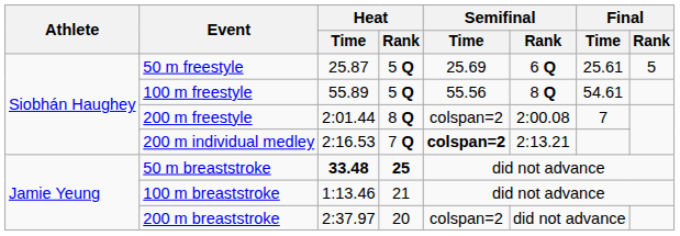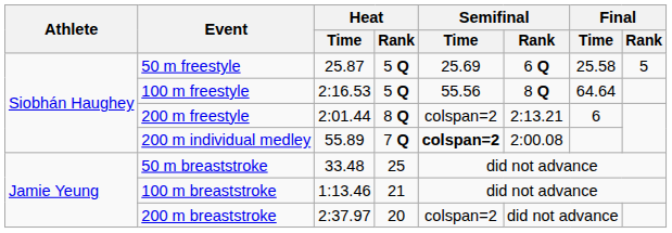 <table class=wikitable style="font-size:90%">
 <tr>
 <th rowspan=2>Athlete</th>
 <th rowspan=2>Event</th>
 <th colspan="2">Heat</th>
 <th colspan="2">Semifinal</th>
 <th colspan="2">Final</th>
 </tr>
 <tr style="font-size:95%">
 <th>Time</th>
 <th>Rank</th>
 <th>Time</th>
 <th>Rank</th>
 <th>Time</th>
 <th>Rank</th>
 </tr>
 <tr align=center>
 <td align=left rowspan=4><a href='#'>Siobhán Haughey</a></td>
 <td align=left><a href='#'>50 m freestyle</a></td>
 <td>25.87</td>
 <td>5 <strong>Q</strong></td>
 <td>25.69</td>
 <td>6 <strong>Q</strong></td>
-<td>25.61</td>
+<td>25.58</td>
 <td>5</td>
 </tr>
 <tr align=center>
 <td align=left><a href='#'>100 m freestyle</a></td>
-<td>55.89</td>
+<td>2:16.53</td>
 <td>5 <strong>Q</strong></td>
 <td>55.56</td>
 <td>8 <strong>Q</strong></td>
-<td>54.61</td>
+<td>64.64</td>
 <td></td>
 </tr>
 <tr align=center>
 <td align=left><a href='#'>200 m freestyle</a></td>
 <td>2:01.44</td>
 <td>8 <strong>Q</strong></td>
 <td>colspan=2 </td>
-<td>2:00.08</td>
-<td>7</td>
+<td>2:13.21</td>
+<td>6</td>
 </tr>
 <tr align=center>
 <td align=left><a href='#'>200 m individual medley</a></td>
-<td>2:16.53</td>
+<td>55.89</td>
 <td>7 <strong>Q</strong></td>
 <td><strong>colspan=2 </strong></td>
-<td>2:13.21</td>
+<td>2:00.08</td>
 <td></td>
 </tr>
 <tr align=center>
 <td align=left rowspan=3><a href='#'>Jamie Yeung</a></td>
 <td align=left><a href='#'>50 m breaststroke</a></td>
-<td><strong>33.48</strong></td>
-<td><strong>25</strong></td>
+<td>33.48</td>
+<td>25</td>
 <td colspan=4>did not advance</td>
 </tr>
 <tr align=center>
 <td align=left><a href='#'>100 m breaststroke</a></td>
 <td>1:13.46</td>
 <td>21</td>
 <td colspan=4>did not advance</td>
 </tr>
 <tr align=center>
 <td align=left><a href='#'>200 m breaststroke</a></td>
 <td>2:37.97</td>
 <td>20</td>
 <td>colspan=2 </td>
 <td colspan=2>did not advance</td>
 </tr>
 </table>
